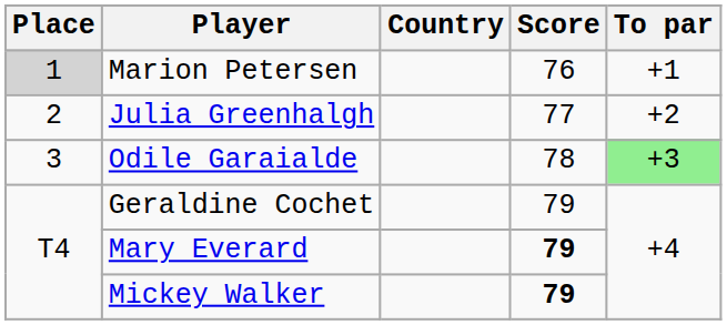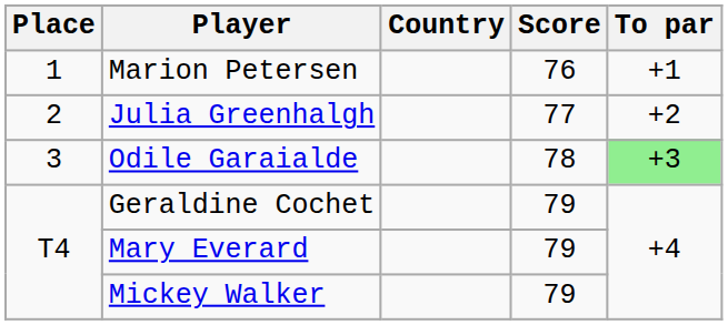 <table class="wikitable" style="font-size:95%;">
 <tr>
 <th>Place</th>
 <th>Player</th>
 <th>Country</th>
 <th>Score</th>
 <th>To par</th>
 </tr>
 <tr>
-<td align=center style="background: lightgrey;">1</td>
+<td align=center>1</td>
 <td>Marion Petersen</td>
 <td></td>
 <td align=center>76</td>
 <td align=center>+1</td>
 </tr>
 <tr>
 <td align=center>2</td>
 <td><a href='#'>Julia Greenhalgh</a></td>
 <td></td>
 <td align=center>77</td>
 <td align=center>+2</td>
 </tr>
 <tr>
 <td align=center>3</td>
 <td><a href='#'>Odile Garaialde</a></td>
 <td></td>
 <td align=center>78</td>
 <td align=center style="background: lightgreen;">+3</td>
 </tr>
 <tr>
 <td rowspan=3 align=center>T4</td>
 <td>Geraldine Cochet</td>
 <td></td>
 <td align=center>79</td>
 <td rowspan=3 align=center>+4</td>
 </tr>
 <tr>
 <td><a href='#'>Mary Everard</a></td>
 <td></td>
-<td align=center><strong>79</strong></td>
+<td align=center>79</td>
 </tr>
 <tr>
 <td><a href='#'>Mickey Walker</a></td>
 <td></td>
-<td align=center><strong>79</strong></td>
+<td align=center>79</td>
 </tr>
 </table>
